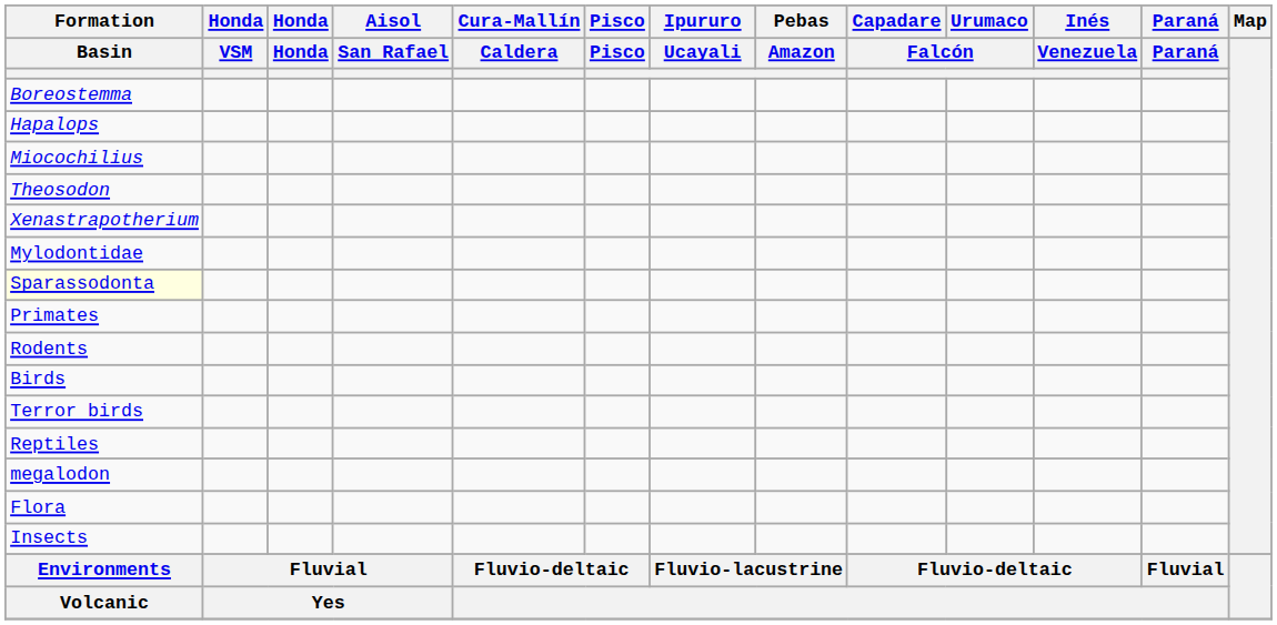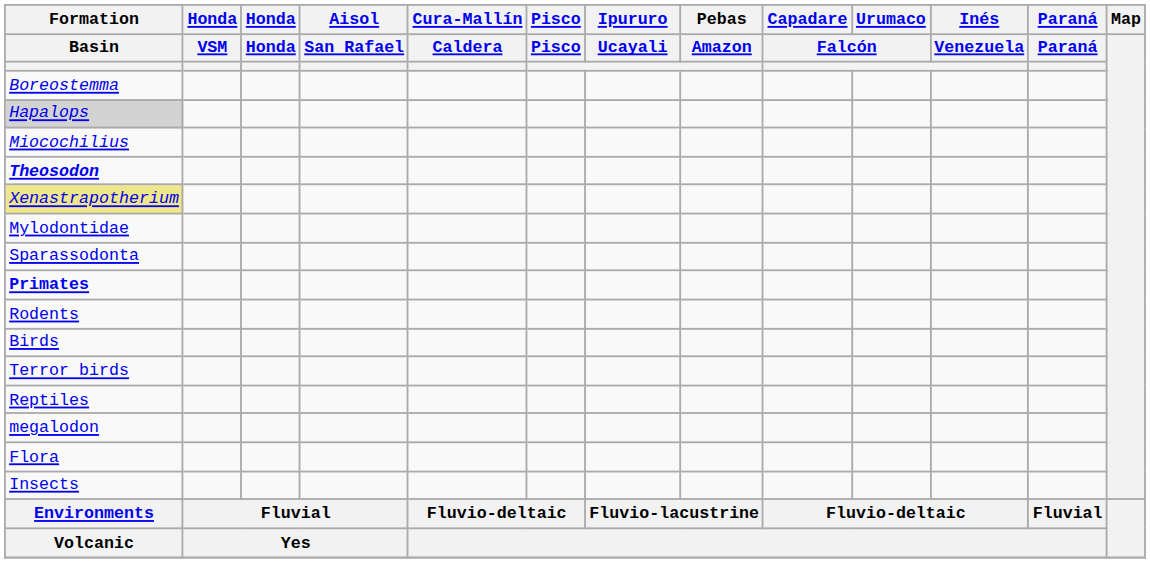 <table class="wikitable" style="font-size: 70%">
 <tr>
 <th>Formation</th>
 <th><a href='#'>Honda</a></th>
 <th><a href='#'>Honda</a></th>
 <th><a href='#'>Aisol</a></th>
 <th><a href='#'>Cura-Mallín</a></th>
 <th><a href='#'>Pisco</a></th>
 <th><a href='#'>Ipururo</a></th>
 <th>Pebas</th>
 <th><a href='#'>Capadare</a></th>
 <th><a href='#'>Urumaco</a></th>
 <th><a href='#'>Inés</a></th>
 <th><a href='#'>Paraná</a></th>
 <th>Map</th>
 </tr>
 <tr>
 <th>Basin</th>
 <th><a href='#'>VSM</a></th>
 <th><a href='#'>Honda</a></th>
 <th><a href='#'>San Rafael</a></th>
 <th><a href='#'>Caldera</a></th>
 <th><a href='#'>Pisco</a></th>
 <th><a href='#'>Ucayali</a></th>
 <th><a href='#'>Amazon</a></th>
 <th colspan=2><a href='#'>Falcón</a></th>
 <th><a href='#'>Venezuela</a></th>
 <th><a href='#'>Paraná</a></th>
 <th align=center rowspan=17></th>
 </tr>
 <tr>
 <th></th>
 <th></th>
 <th></th>
 <th></th>
 <th></th>
 <th colspan=3></th>
 <th colspan=3></th>
 <th></th>
 </tr>
 <tr>
 <td><em><a href='#'>Boreostemma</a></em></td>
 <td align=center></td>
 <td align=center></td>
 <td align=center></td>
 <td align=center></td>
 <td align=center></td>
 <td align=center></td>
 <td align=center></td>
 <td align=center></td>
 <td align=center></td>
 <td align=center></td>
 <td></td>
 </tr>
 <tr>
-<td><em><a href='#'>Hapalops</a></em></td>
+<td style="background: lightgrey;"><em><a href='#'>Hapalops</a></em></td>
 <td align=center></td>
 <td align=center></td>
 <td align=center></td>
 <td align=center></td>
 <td align=center></td>
 <td align=center></td>
 <td align=center></td>
 <td align=center></td>
 <td align=center></td>
 <td align=center></td>
 <td></td>
 </tr>
 <tr>
 <td><em><a href='#'>Miocochilius</a></em></td>
 <td align=center></td>
 <td align=center></td>
 <td align=center></td>
 <td align=center></td>
 <td align=center></td>
 <td align=center></td>
 <td align=center></td>
 <td align=center></td>
 <td align=center></td>
 <td align=center></td>
 <td></td>
 </tr>
 <tr>
-<td><em><a href='#'>Theosodon</a></em></td>
+<td><strong><em><a href='#'>Theosodon</a></em></strong></td>
 <td align=center></td>
 <td align=center></td>
 <td align=center></td>
 <td align=center></td>
 <td align=center></td>
 <td align=center></td>
 <td align=center></td>
 <td align=center></td>
 <td align=center></td>
 <td align=center></td>
 <td></td>
 </tr>
 <tr>
-<td><em><a href='#'>Xenastrapotherium</a></em></td>
+<td style="background: khaki;"><em><a href='#'>Xenastrapotherium</a></em></td>
 <td align=center></td>
 <td align=center></td>
 <td align=center></td>
 <td align=center></td>
 <td align=center></td>
 <td align=center></td>
 <td align=center></td>
 <td align=center></td>
 <td align=center></td>
 <td align=center></td>
 <td></td>
 </tr>
 <tr>
 <td><a href='#'>Mylodontidae</a></td>
 <td align=center></td>
 <td align=center></td>
 <td align=center></td>
 <td align=center></td>
 <td align=center></td>
 <td align=center></td>
 <td align=center></td>
 <td align=center></td>
 <td align=center></td>
 <td align=center></td>
 <td></td>
 </tr>
 <tr>
-<td style="background: lightyellow;"><a href='#'>Sparassodonta</a></td>
+<td><a href='#'>Sparassodonta</a></td>
 <td align=center></td>
 <td align=center></td>
 <td align=center></td>
 <td align=center></td>
 <td align=center></td>
 <td align=center></td>
 <td align=center></td>
 <td align=center></td>
 <td align=center></td>
 <td align=center></td>
 <td></td>
 </tr>
 <tr>
-<td><a href='#'>Primates</a></td>
+<td><strong><a href='#'>Primates</a></strong></td>
 <td align=center></td>
 <td align=center></td>
 <td align=center></td>
 <td align=center></td>
 <td align=center></td>
 <td align=center></td>
 <td align=center></td>
 <td align=center></td>
 <td align=center></td>
 <td align=center></td>
 <td align=center></td>
 </tr>
 <tr>
 <td><a href='#'>Rodents</a></td>
 <td align=center></td>
 <td align=center></td>
 <td align=center></td>
 <td align=center></td>
 <td align=center></td>
 <td align=center></td>
 <td align=center></td>
 <td align=center></td>
 <td align=center></td>
 <td align=center></td>
 <td align=center></td>
 </tr>
 <tr>
 <td><a href='#'>Birds</a></td>
 <td align=center></td>
 <td align=center></td>
 <td align=center></td>
 <td align=center></td>
 <td align=center></td>
 <td align=center></td>
 <td align=center></td>
 <td align=center></td>
 <td align=center></td>
 <td align=center></td>
 <td></td>
 </tr>
 <tr>
 <td><a href='#'>Terror birds</a></td>
 <td align=center></td>
 <td align=center></td>
 <td align=center></td>
 <td align=center></td>
 <td align=center></td>
 <td align=center></td>
 <td align=center></td>
 <td align=center></td>
 <td align=center></td>
 <td align=center></td>
 <td align=center></td>
 </tr>
 <tr>
 <td><a href='#'>Reptiles</a></td>
 <td align=center></td>
 <td align=center></td>
 <td align=center></td>
 <td align=center></td>
 <td align=center></td>
 <td align=center></td>
 <td align=center></td>
 <td align=center></td>
 <td align=center></td>
 <td align=center></td>
 <td align=center></td>
 </tr>
 <tr>
 <td><a href='#'>megalodon</a></td>
 <td align=center></td>
 <td align=center></td>
 <td align=center></td>
 <td align=center></td>
 <td align=center></td>
 <td align=center></td>
 <td align=center></td>
 <td align=center></td>
 <td align=center></td>
 <td align=center></td>
 <td align=center></td>
 </tr>
 <tr>
 <td><a href='#'>Flora</a></td>
 <td align=center></td>
 <td align=center></td>
 <td align=center></td>
 <td align=center></td>
 <td align=center></td>
 <td align=center></td>
 <td align=center></td>
 <td align=center></td>
 <td align=center></td>
 <td align=center></td>
 <td align=center></td>
 </tr>
 <tr>
 <td><a href='#'>Insects</a></td>
 <td align=center></td>
 <td align=center></td>
 <td align=center></td>
 <td align=center></td>
 <td align=center></td>
 <td align=center></td>
 <td align=center></td>
 <td align=center></td>
 <td align=center></td>
 <td align=center></td>
 <td align=center></td>
 </tr>
 <tr>
 <th><a href='#'>Environments</a></th>
 <th colspan=3>Fluvial</th>
 <th colspan=2>Fluvio-deltaic</th>
 <th colspan=2>Fluvio-lacustrine</th>
 <th colspan=3>Fluvio-deltaic</th>
 <th>Fluvial</th>
 <th rowspan=2 align=left><br><br></th>
 </tr>
 <tr>
 <th>Volcanic</th>
 <th colspan=3>Yes</th>
 <th colspan=8></th>
 </tr>
 <tr>
 </tr>
 </table>
